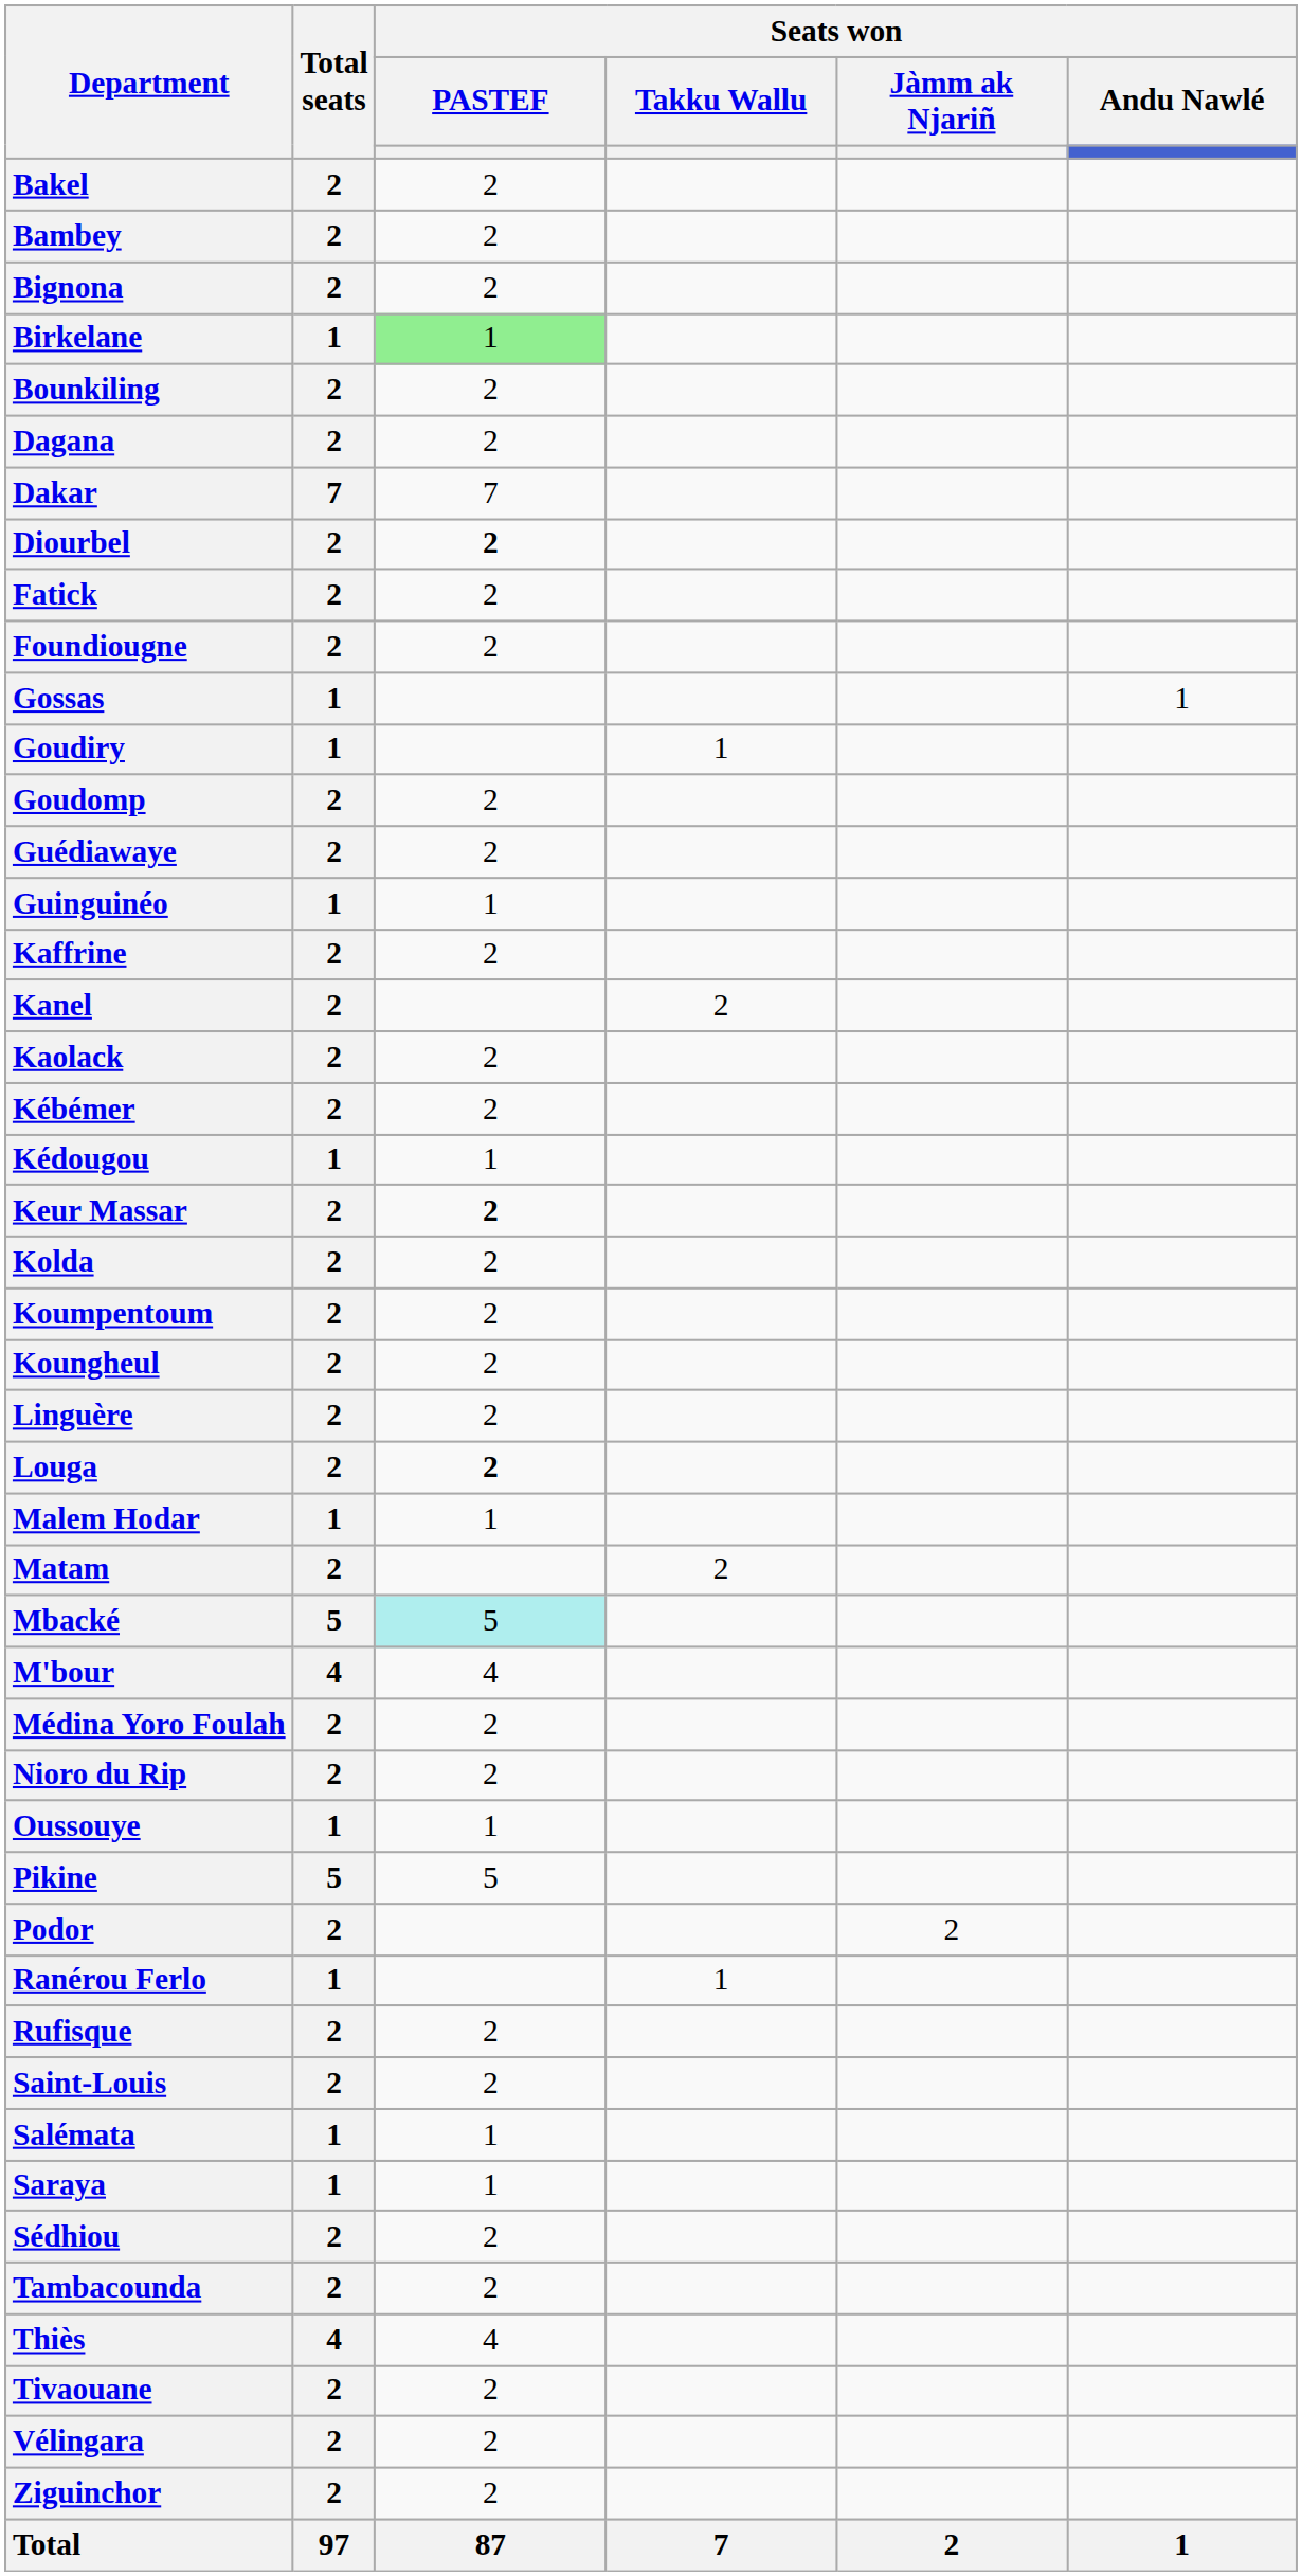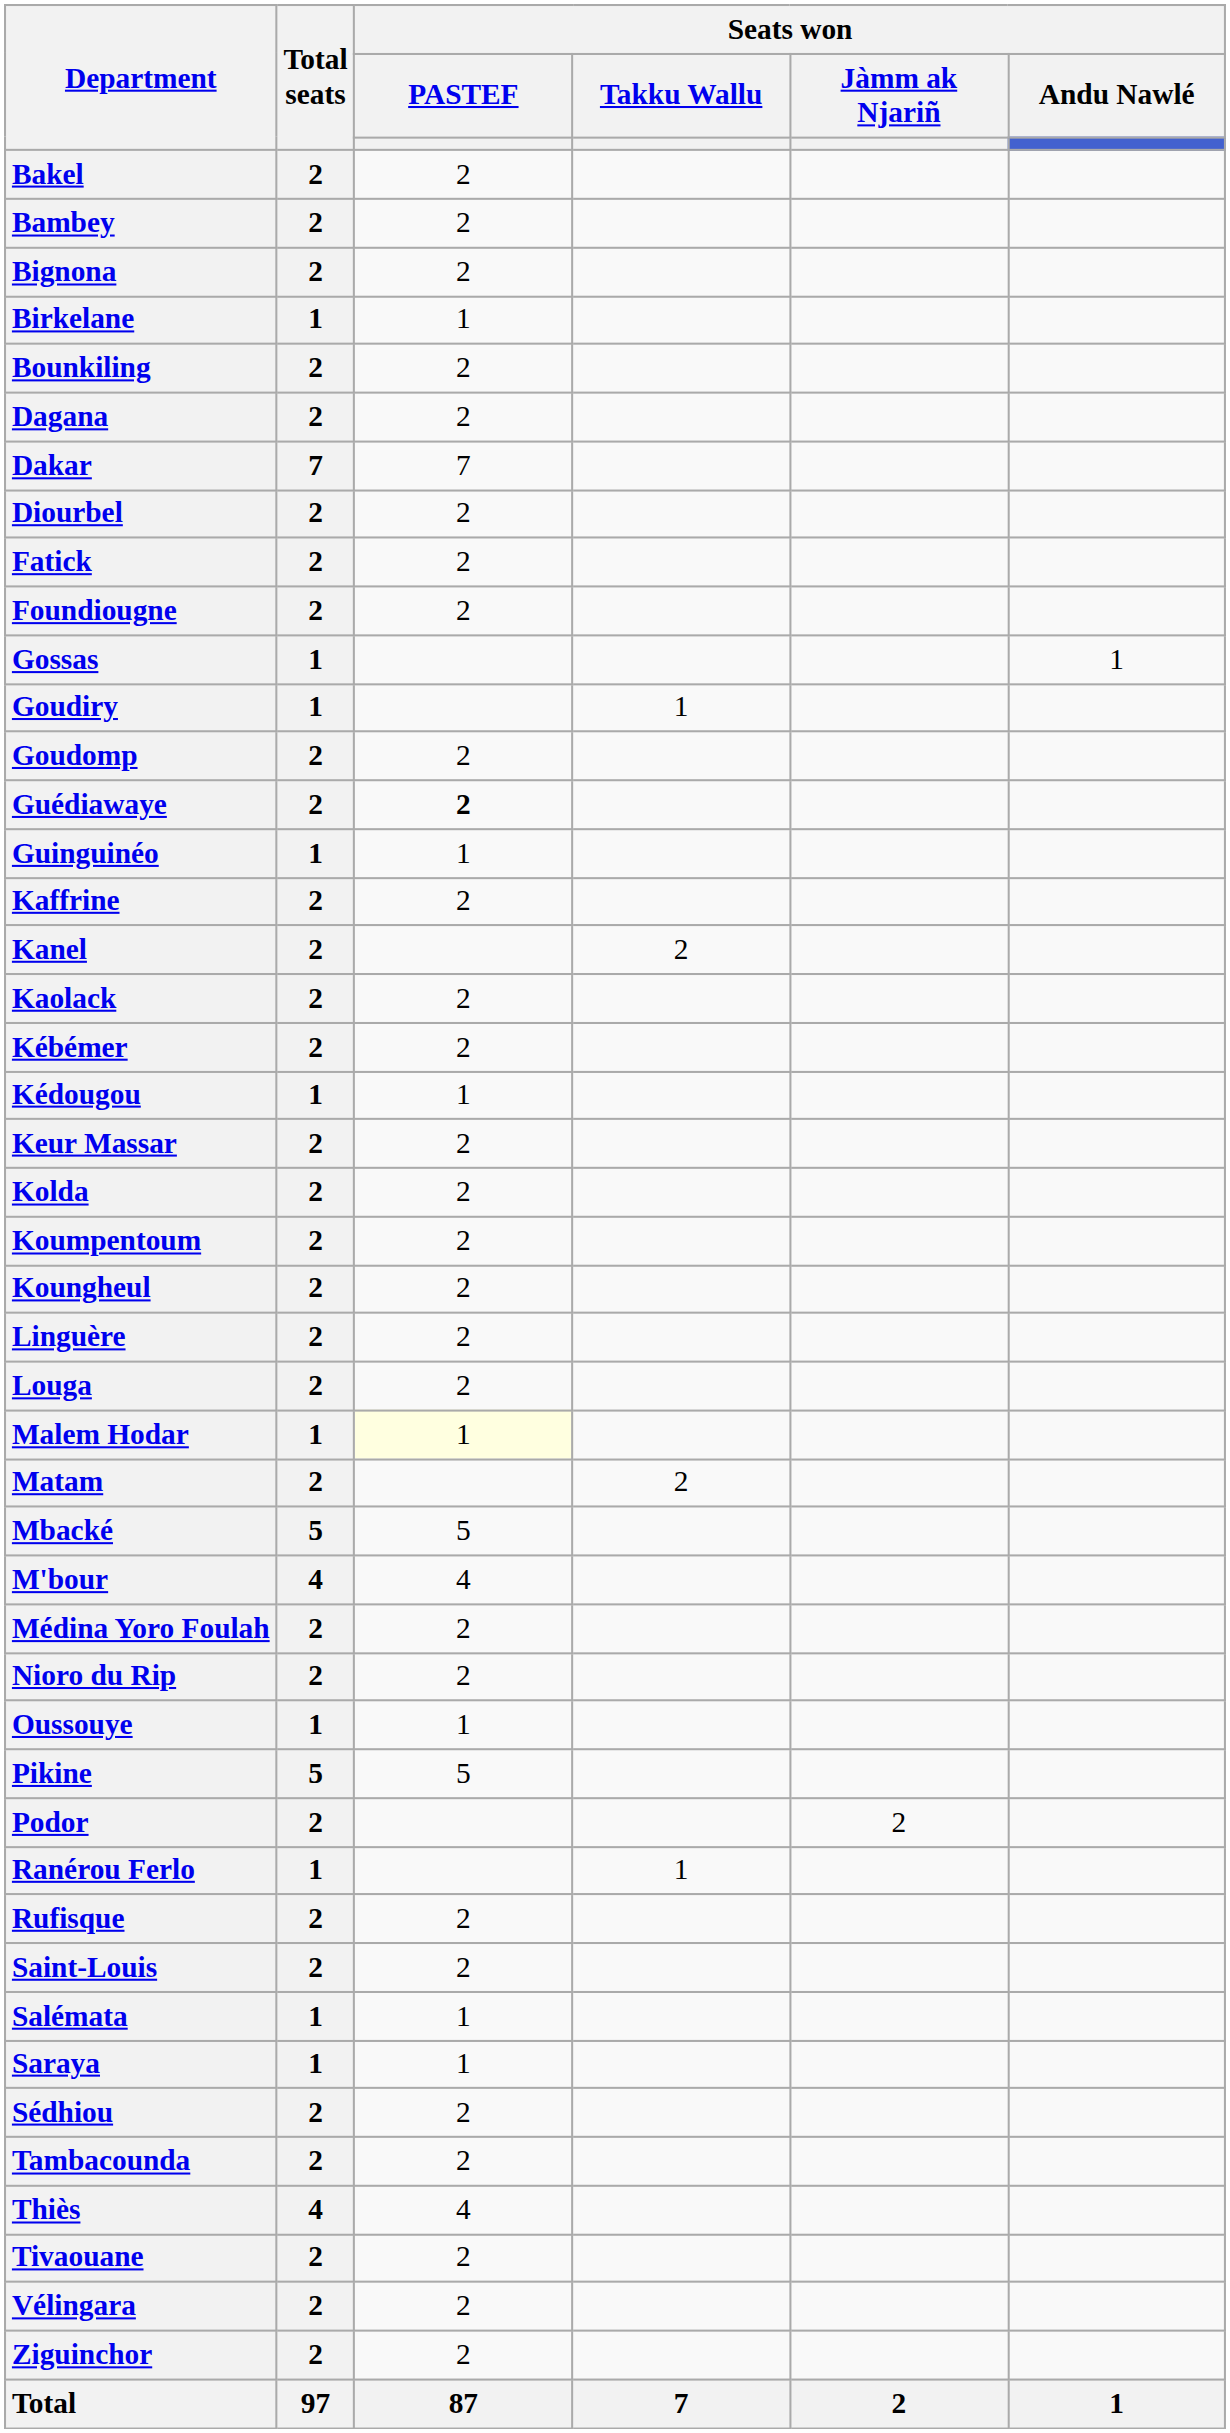 <table class="wikitable" style="text-align:center; font-size: 0.9em;">
 <tr>
 <th rowspan="3"><a href='#'>Department</a></th>
 <th rowspan="3">Total<br>seats</th>
 <th colspan="4">Seats won</th>
 </tr>
 <tr>
 <th class="unsortable" style="width:100px;"><a href='#'>PASTEF</a></th>
 <th class="unsortable" style="width:100px;"><a href='#'>Takku Wallu</a></th>
 <th class="unsortable" style="width:100px;"><a href='#'>Jàmm ak Njariñ</a></th>
 <th class="unsortable" style="width:100px;">Andu Nawlé</th>
 </tr>
 <tr>
 <th style="background:"></th>
 <th style="background:"></th>
 <th style="background:"></th>
 <th style="background:#4361cf;"></th>
 </tr>
 <tr>
 <th style="text-align: left;"><a href='#'>Bakel</a></th>
 <th>2</th>
 <td>2</td>
 <td></td>
 <td></td>
 <td></td>
 </tr>
 <tr>
 <th style="text-align: left;"><a href='#'>Bambey</a></th>
 <th>2</th>
 <td>2</td>
 <td></td>
 <td></td>
 <td></td>
 </tr>
 <tr>
 <th style="text-align: left;"><a href='#'>Bignona</a></th>
 <th>2</th>
 <td>2</td>
 <td></td>
 <td></td>
 <td></td>
 </tr>
 <tr>
 <th style="text-align: left;"><a href='#'>Birkelane</a></th>
 <th>1</th>
-<td style="background: lightgreen;">1</td>
+<td>1</td>
 <td></td>
 <td></td>
 <td></td>
 </tr>
 <tr>
 <th style="text-align: left;"><a href='#'>Bounkiling</a></th>
 <th>2</th>
 <td>2</td>
 <td></td>
 <td></td>
 <td></td>
 </tr>
 <tr>
 <th style="text-align: left;"><a href='#'>Dagana</a></th>
 <th>2</th>
 <td>2</td>
 <td></td>
 <td></td>
 <td></td>
 </tr>
 <tr>
 <th style="text-align: left;"><a href='#'>Dakar</a></th>
 <th>7</th>
 <td>7</td>
 <td></td>
 <td></td>
 <td></td>
 </tr>
 <tr>
 <th style="text-align: left;"><a href='#'>Diourbel</a></th>
 <th>2</th>
-<td><strong>2</strong></td>
+<td>2</td>
 <td></td>
 <td></td>
 <td></td>
 </tr>
 <tr>
 <th style="text-align: left;"><a href='#'>Fatick</a></th>
 <th>2</th>
 <td>2</td>
 <td></td>
 <td></td>
 <td></td>
 </tr>
 <tr>
 <th style="text-align: left;"><a href='#'>Foundiougne</a></th>
 <th>2</th>
 <td>2</td>
 <td></td>
 <td></td>
 <td></td>
 </tr>
 <tr>
 <th style="text-align: left;"><a href='#'>Gossas</a></th>
 <th>1</th>
 <td></td>
 <td></td>
 <td></td>
 <td>1</td>
 </tr>
 <tr>
 <th style="text-align: left;"><a href='#'>Goudiry</a></th>
 <th>1</th>
 <td></td>
 <td>1</td>
 <td></td>
 <td></td>
 </tr>
 <tr>
 <th style="text-align: left;"><a href='#'>Goudomp</a></th>
 <th>2</th>
 <td>2</td>
 <td></td>
 <td></td>
 <td></td>
 </tr>
 <tr>
 <th style="text-align: left;"><a href='#'>Guédiawaye</a></th>
 <th>2</th>
-<td>2</td>
+<td><strong>2</strong></td>
 <td></td>
 <td></td>
 <td></td>
 </tr>
 <tr>
 <th style="text-align: left;"><a href='#'>Guinguinéo</a></th>
 <th>1</th>
 <td>1</td>
 <td></td>
 <td></td>
 <td></td>
 </tr>
 <tr>
 <th style="text-align: left;"><a href='#'>Kaffrine</a></th>
 <th>2</th>
 <td>2</td>
 <td></td>
 <td></td>
 <td></td>
 </tr>
 <tr>
 <th style="text-align: left;"><a href='#'>Kanel</a></th>
 <th>2</th>
 <td></td>
 <td>2</td>
 <td></td>
 <td></td>
 </tr>
 <tr>
 <th style="text-align: left;"><a href='#'>Kaolack</a></th>
 <th>2</th>
 <td>2</td>
 <td></td>
 <td></td>
 <td></td>
 </tr>
 <tr>
 <th style="text-align: left;"><a href='#'>Kébémer</a></th>
 <th>2</th>
 <td>2</td>
 <td></td>
 <td></td>
 <td></td>
 </tr>
 <tr>
 <th style="text-align: left;"><a href='#'>Kédougou</a></th>
 <th>1</th>
 <td>1</td>
 <td></td>
 <td></td>
 <td></td>
 </tr>
 <tr>
 <th style="text-align: left;"><a href='#'>Keur Massar</a></th>
 <th>2</th>
-<td><strong>2</strong></td>
+<td>2</td>
 <td></td>
 <td></td>
 <td></td>
 </tr>
 <tr>
 <th style="text-align: left;"><a href='#'>Kolda</a></th>
 <th>2</th>
 <td>2</td>
 <td></td>
 <td></td>
 <td></td>
 </tr>
 <tr>
 <th style="text-align: left;"><a href='#'>Koumpentoum</a></th>
 <th>2</th>
 <td>2</td>
 <td></td>
 <td></td>
 <td></td>
 </tr>
 <tr>
 <th style="text-align: left;"><a href='#'>Koungheul</a></th>
 <th>2</th>
 <td>2</td>
 <td></td>
 <td></td>
 <td></td>
 </tr>
 <tr>
 <th style="text-align: left;"><a href='#'>Linguère</a></th>
 <th>2</th>
 <td>2</td>
 <td></td>
 <td></td>
 <td></td>
 </tr>
 <tr>
 <th style="text-align: left;"><a href='#'>Louga</a></th>
 <th>2</th>
-<td><strong>2</strong></td>
+<td>2</td>
 <td></td>
 <td></td>
 <td></td>
 </tr>
 <tr>
 <th style="text-align: left;"><a href='#'>Malem Hodar</a></th>
 <th>1</th>
-<td>1</td>
+<td style="background: lightyellow;">1</td>
 <td></td>
 <td></td>
 <td></td>
 </tr>
 <tr>
 <th style="text-align: left;"><a href='#'>Matam</a></th>
 <th>2</th>
 <td></td>
 <td>2</td>
 <td></td>
 <td></td>
 </tr>
 <tr>
 <th style="text-align: left;"><a href='#'>Mbacké</a></th>
 <th>5</th>
-<td style="background: paleturquoise;">5</td>
+<td>5</td>
 <td></td>
 <td></td>
 <td></td>
 </tr>
 <tr>
 <th style="text-align: left;"><a href='#'>M'bour</a></th>
 <th>4</th>
 <td>4</td>
 <td></td>
 <td></td>
 <td></td>
 </tr>
 <tr>
 <th style="text-align: left;"><a href='#'>Médina Yoro Foulah</a></th>
 <th>2</th>
 <td>2</td>
 <td></td>
 <td></td>
 <td></td>
 </tr>
 <tr>
 <th style="text-align: left;"><a href='#'>Nioro du Rip</a></th>
 <th>2</th>
 <td>2</td>
 <td></td>
 <td></td>
 <td></td>
 </tr>
 <tr>
 <th style="text-align: left;"><a href='#'>Oussouye</a></th>
 <th>1</th>
 <td>1</td>
 <td></td>
 <td></td>
 <td></td>
 </tr>
 <tr>
 <th style="text-align: left;"><a href='#'>Pikine</a></th>
 <th>5</th>
 <td>5</td>
 <td></td>
 <td></td>
 <td></td>
 </tr>
 <tr>
 <th style="text-align: left;"><a href='#'>Podor</a></th>
 <th>2</th>
 <td></td>
 <td></td>
 <td>2</td>
 <td></td>
 </tr>
 <tr>
 <th style="text-align: left;"><a href='#'>Ranérou Ferlo</a></th>
 <th>1</th>
 <td></td>
 <td>1</td>
 <td></td>
 <td></td>
 </tr>
 <tr>
 <th style="text-align: left;"><a href='#'>Rufisque</a></th>
 <th>2</th>
 <td>2</td>
 <td></td>
 <td></td>
 <td></td>
 </tr>
 <tr>
 <th style="text-align: left;"><a href='#'>Saint-Louis</a></th>
 <th>2</th>
 <td>2</td>
 <td></td>
 <td></td>
 <td></td>
 </tr>
 <tr>
 <th style="text-align: left;"><a href='#'>Salémata</a></th>
 <th>1</th>
 <td>1</td>
 <td></td>
 <td></td>
 <td></td>
 </tr>
 <tr>
 <th style="text-align: left;"><a href='#'>Saraya</a></th>
 <th>1</th>
 <td>1</td>
 <td></td>
 <td></td>
 <td></td>
 </tr>
 <tr>
 <th style="text-align: left;"><a href='#'>Sédhiou</a></th>
 <th>2</th>
 <td>2</td>
 <td></td>
 <td></td>
 <td></td>
 </tr>
 <tr>
 <th style="text-align: left;"><a href='#'>Tambacounda</a></th>
 <th>2</th>
 <td>2</td>
 <td></td>
 <td></td>
 <td></td>
 </tr>
 <tr>
 <th style="text-align: left;"><a href='#'>Thiès</a></th>
 <th>4</th>
 <td>4</td>
 <td></td>
 <td></td>
 <td></td>
 </tr>
 <tr>
 <th style="text-align: left;"><a href='#'>Tivaouane</a></th>
 <th>2</th>
 <td>2</td>
 <td></td>
 <td></td>
 <td></td>
 </tr>
 <tr>
 <th style="text-align: left;"><a href='#'>Vélingara</a></th>
 <th>2</th>
 <td>2</td>
 <td></td>
 <td></td>
 <td></td>
 </tr>
 <tr>
 <th style="text-align: left;"><a href='#'>Ziguinchor</a></th>
 <th>2</th>
 <td>2</td>
 <td></td>
 <td></td>
 <td></td>
 </tr>
 <tr class="sortbottom">
 <th style="text-align: left;">Total</th>
 <th>97</th>
 <th>87</th>
 <th>7</th>
 <th>2</th>
 <th>1</th>
 </tr>
 </table>
